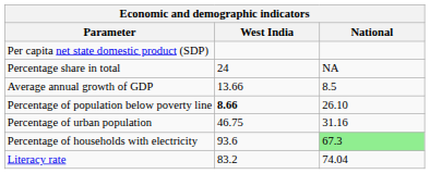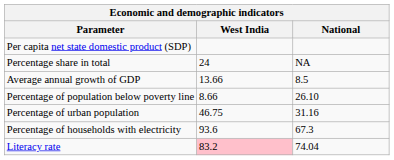 <table class="wikitable collapsible">
 <tr>
 <th colspan ="3">Economic and demographic indicators</th>
 </tr>
 <tr>
 <th style="width:50%;">Parameter</th>
 <th style="width:25%;">West India</th>
 <th style="width:25%;">National</th>
 </tr>
 <tr>
 <td>Per capita <a href='#'>net state domestic product</a> (SDP)</td>
 <td></td>
 <td></td>
 </tr>
 <tr>
 <td>Percentage share in total</td>
 <td>24</td>
 <td>NA</td>
 </tr>
 <tr>
 <td>Average annual growth of GDP</td>
 <td>13.66</td>
 <td>8.5</td>
 </tr>
 <tr>
 <td>Percentage of population below poverty line</td>
-<td><strong>8.66</strong></td>
+<td>8.66</td>
 <td>26.10</td>
 </tr>
 <tr>
 <td>Percentage of urban population</td>
 <td>46.75</td>
 <td>31.16</td>
 </tr>
 <tr>
 <td>Percentage of households with electricity</td>
 <td>93.6</td>
-<td style="background: lightgreen;">67.3</td>
+<td>67.3</td>
 </tr>
 <tr>
 <td><a href='#'>Literacy rate</a></td>
-<td>83.2</td>
+<td style="background: pink;">83.2</td>
 <td>74.04</td>
 </tr>
 </table>
